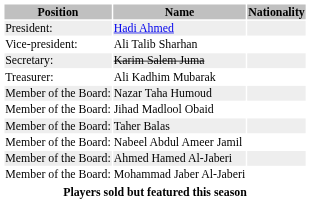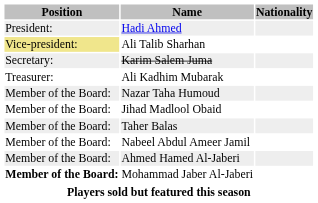 <table class="toccolours">
 <tr>
 <th bgcolor=silver>Position</th>
 <th bgcolor=silver>Name</th>
 <th bgcolor=silver>Nationality</th>
 </tr>
 <tr bgcolor=#eeeeee>
 <td>President:</td>
 <td><a href='#'>Hadi Ahmed</a></td>
 <td></td>
 </tr>
 <tr>
-<td>Vice-president:</td>
+<td style="background: khaki;">Vice-president:</td>
 <td>Ali Talib Sharhan</td>
 <td></td>
 </tr>
 <tr bgcolor=#eeeeee>
 <td>Secretary:</td>
 <td><s>Karim Salem Juma</s></td>
 <td></td>
 </tr>
 <tr>
 <td>Treasurer:</td>
 <td>Ali Kadhim Mubarak</td>
 <td></td>
 </tr>
 <tr bgcolor=#eeeeee>
 <td>Member of the Board:</td>
 <td>Nazar Taha Humoud</td>
 <td></td>
 </tr>
 <tr>
 <td>Member of the Board:</td>
 <td>Jihad Madlool Obaid</td>
 <td></td>
 </tr>
 <tr bgcolor=#eeeeee>
 <td>Member of the Board:</td>
 <td>Taher Balas</td>
 <td></td>
 </tr>
 <tr>
 <td>Member of the Board:</td>
 <td>Nabeel Abdul Ameer Jamil</td>
 <td></td>
 </tr>
 <tr bgcolor=#eeeeee>
 <td>Member of the Board:</td>
 <td>Ahmed Hamed Al-Jaberi</td>
 <td></td>
 </tr>
 <tr>
-<td>Member of the Board:</td>
+<td><strong>Member of the Board:</strong></td>
 <td>Mohammad Jaber Al-Jaberi</td>
 <td></td>
 </tr>
 <tr>
 </tr>
 <tr>
 <th colspan="16">Players sold but featured this season</th>
 </tr>
 <tr>
 </tr>
 </table>
